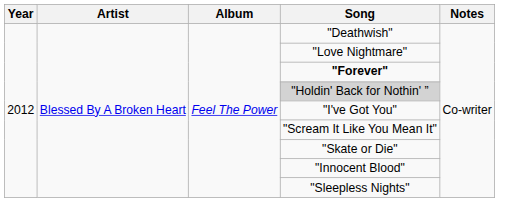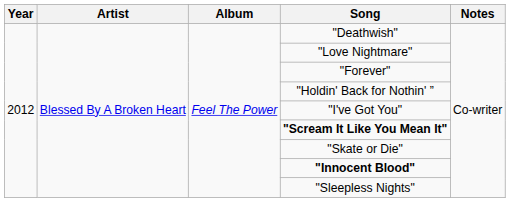 <table class="wikitable sortable plainrowheaders" style="text-align:center;">
 <tr>
 <th>Year</th>
 <th>Artist</th>
 <th>Album</th>
 <th>Song</th>
 <th>Notes</th>
 </tr>
 <tr>
 <td rowspan="16">2012</td>
 <td rowspan="16"><a href='#'>Blessed By A Broken Heart</a></td>
 <td rowspan="16"><em><a href='#'>Feel The Power</a></em></td>
 <td>"Deathwish"</td>
 <td rowspan="16">Co-writer</td>
 </tr>
 <tr>
 <td>"Love Nightmare"</td>
 </tr>
 <tr>
-<td><strong>"Forever"</strong></td>
+<td>"Forever"</td>
 </tr>
 <tr>
-<td style="background: lightgrey;">"Holdin' Back for Nothin' ”</td>
+<td>"Holdin' Back for Nothin' ”</td>
 </tr>
 <tr>
 <td>"I've Got You"</td>
 </tr>
 <tr>
-<td>"Scream It Like You Mean It"</td>
+<td><strong>"Scream It Like You Mean It"</strong></td>
 </tr>
 <tr>
 <td>"Skate or Die"</td>
 </tr>
 <tr>
-<td>"Innocent Blood"</td>
+<td><strong>"Innocent Blood"</strong></td>
 </tr>
 <tr>
 <td>"Sleepless Nights"</td>
 </tr>
 </table>
